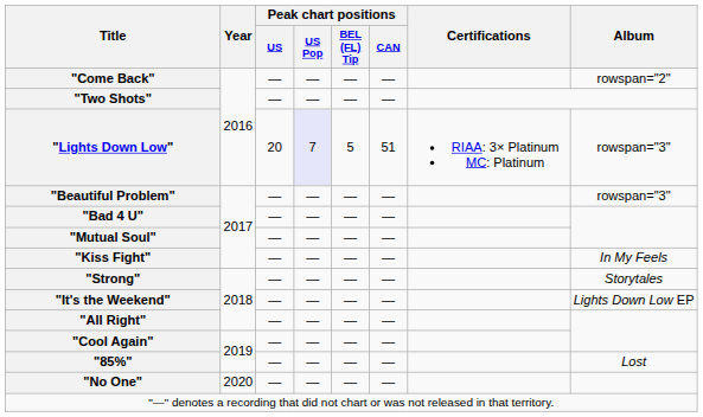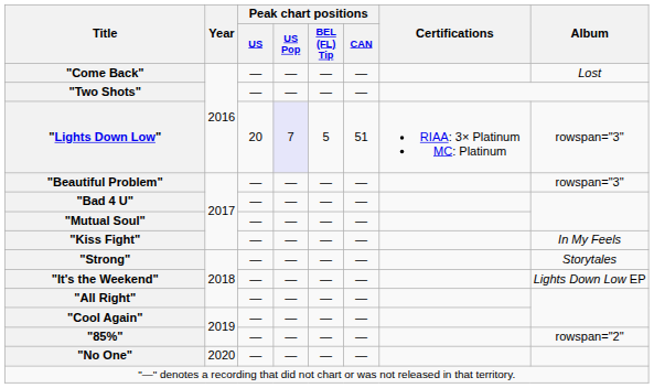 <table class="wikitable plainrowheaders" style="text-align:center;">
 <tr>
 <th scope="col" rowspan="2" style="width:16em;">Title</th>
 <th rowspan="2">Year</th>
 <th colspan="4">Peak chart positions</th>
 <th scope="col" rowspan="2" style="width:12em;">Certifications</th>
 <th rowspan="2">Album</th>
 </tr>
 <tr style="font-size:smaller;">
 <th scope="col" style="width:3em;"><a href='#'>US</a><br></th>
 <th scope="col" style="width:3em;"><a href='#'>US<br>Pop</a><br></th>
 <th scope="col" style="width:3em;"><a href='#'>BEL<br>(FL)<br>Tip</a><br></th>
 <th scope="col" style="width:3em;"><a href='#'>CAN</a><br></th>
 </tr>
 <tr>
 <th scope="row">"Come Back"<br> </th>
 <td rowspan="3">2016</td>
 <td>—</td>
 <td>—</td>
 <td>—</td>
 <td>—</td>
 <td></td>
-<td>rowspan="2" </td>
+<td><em>Lost</em></td>
 </tr>
 <tr>
 <th scope="row">"Two Shots"<br> </th>
 <td>—</td>
 <td>—</td>
 <td>—</td>
 <td>—</td>
 </tr>
 <tr>
 <th scope="row">"<a href='#'>Lights Down Low</a>"<br></th>
 <td>20</td>
 <td style="background: lavender;">7</td>
 <td>5</td>
 <td>51</td>
 <td><br><ul><li><a href='#'>RIAA</a>: 3× Platinum</li><li><a href='#'>MC</a>: Platinum</li></ul></td>
 <td>rowspan="3" </td>
 </tr>
 <tr>
 <th scope="row">"Beautiful Problem"<br></th>
 <td rowspan="4">2017</td>
 <td>—</td>
 <td>—</td>
 <td>—</td>
 <td>—</td>
 <td></td>
 <td>rowspan="3" </td>
 </tr>
 <tr>
 <th scope="row">"Bad 4 U"<br></th>
 <td>—</td>
 <td>—</td>
 <td>—</td>
 <td>—</td>
 <td></td>
 </tr>
 <tr>
 <th scope="row">"Mutual Soul"<br></th>
 <td>—</td>
 <td>—</td>
 <td>—</td>
 <td>—</td>
 <td></td>
 </tr>
 <tr>
 <th scope="row">"Kiss Fight"<br></th>
 <td>—</td>
 <td>—</td>
 <td>—</td>
 <td>—</td>
 <td></td>
 <td><em>In My Feels</em></td>
 </tr>
 <tr>
 <th scope="row">"Strong"<br></th>
 <td rowspan="3">2018</td>
 <td>—</td>
 <td>—</td>
 <td>—</td>
 <td>—</td>
 <td></td>
 <td><em>Storytales</em></td>
 </tr>
 <tr>
 <th scope="row">"It's the Weekend"<br></th>
 <td>—</td>
 <td>—</td>
 <td>—</td>
 <td>—</td>
 <td></td>
 <td><em>Lights Down Low</em> EP</td>
 </tr>
 <tr>
 <th scope="row">"All Right"<br></th>
 <td>—</td>
 <td>—</td>
 <td>—</td>
 <td>—</td>
 <td></td>
 </tr>
 <tr>
 <th scope="row">"Cool Again"<br></th>
 <td rowspan="2">2019</td>
 <td>—</td>
 <td>—</td>
 <td>—</td>
 <td>—</td>
 <td></td>
 </tr>
 <tr>
 <th scope="row">"85%"<br></th>
 <td>—</td>
 <td>—</td>
 <td>—</td>
 <td>—</td>
 <td></td>
-<td><em>Lost</em></td>
+<td>rowspan="2" </td>
 </tr>
 <tr>
 <th scope="row">"No One"<br></th>
 <td rowspan="1">2020</td>
 <td>—</td>
 <td>—</td>
 <td>—</td>
 <td>—</td>
 <td></td>
 <td></td>
 </tr>
 <tr>
 <td colspan="14" style="font-size:90%">"—" denotes a recording that did not chart or was not released in that territory.</td>
 </tr>
 </table>
